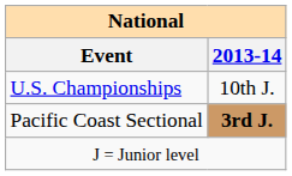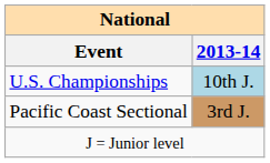 <table class="wikitable" style="text-align:center">
 <tr>
 <th style="background-color: #ffdead; " colspan=4 align=center>National</th>
 </tr>
 <tr>
 <th>Event</th>
 <th><a href='#'>2013-14</a></th>
 </tr>
 <tr>
 <td align=left><a href='#'>U.S. Championships</a></td>
-<td>10th J.</td>
+<td style="background: lightblue;">10th J.</td>
 </tr>
 <tr>
 <td align=left>Pacific Coast Sectional</td>
-<td bgcolor=cc9966><strong>3rd J.</strong></td>
+<td bgcolor=cc9966>3rd J.</td>
 </tr>
 <tr>
 <td colspan=4 align=center><small>J = Junior level </small></td>
 </tr>
 </table>
